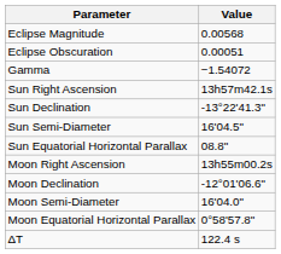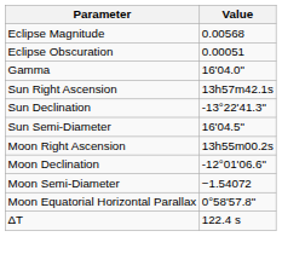 <table class="wikitable">
 <tr>
 <th>Parameter</th>
 <th>Value</th>
 </tr>
 <tr>
 <td>Eclipse Magnitude</td>
 <td>0.00568</td>
 </tr>
 <tr>
 <td>Eclipse Obscuration</td>
 <td>0.00051</td>
 </tr>
 <tr>
 <td>Gamma</td>
-<td>−1.54072</td>
+<td>16'04.0"</td>
 </tr>
 <tr>
 <td>Sun Right Ascension</td>
 <td>13h57m42.1s</td>
 </tr>
 <tr>
 <td>Sun Declination</td>
 <td>-13°22'41.3"</td>
 </tr>
 <tr>
 <td>Sun Semi-Diameter</td>
 <td>16'04.5"</td>
 </tr>
 <tr>
-<td>Sun Equatorial Horizontal Parallax</td>
-<td>08.8"</td>
-</tr>
-<tr>
 <td>Moon Right Ascension</td>
 <td>13h55m00.2s</td>
 </tr>
 <tr>
 <td>Moon Declination</td>
 <td>-12°01'06.6"</td>
 </tr>
 <tr>
 <td>Moon Semi-Diameter</td>
-<td>16'04.0"</td>
+<td>−1.54072</td>
 </tr>
 <tr>
 <td>Moon Equatorial Horizontal Parallax</td>
 <td>0°58'57.8"</td>
 </tr>
 <tr>
 <td>ΔT</td>
 <td>122.4 s</td>
 </tr>
 </table>
